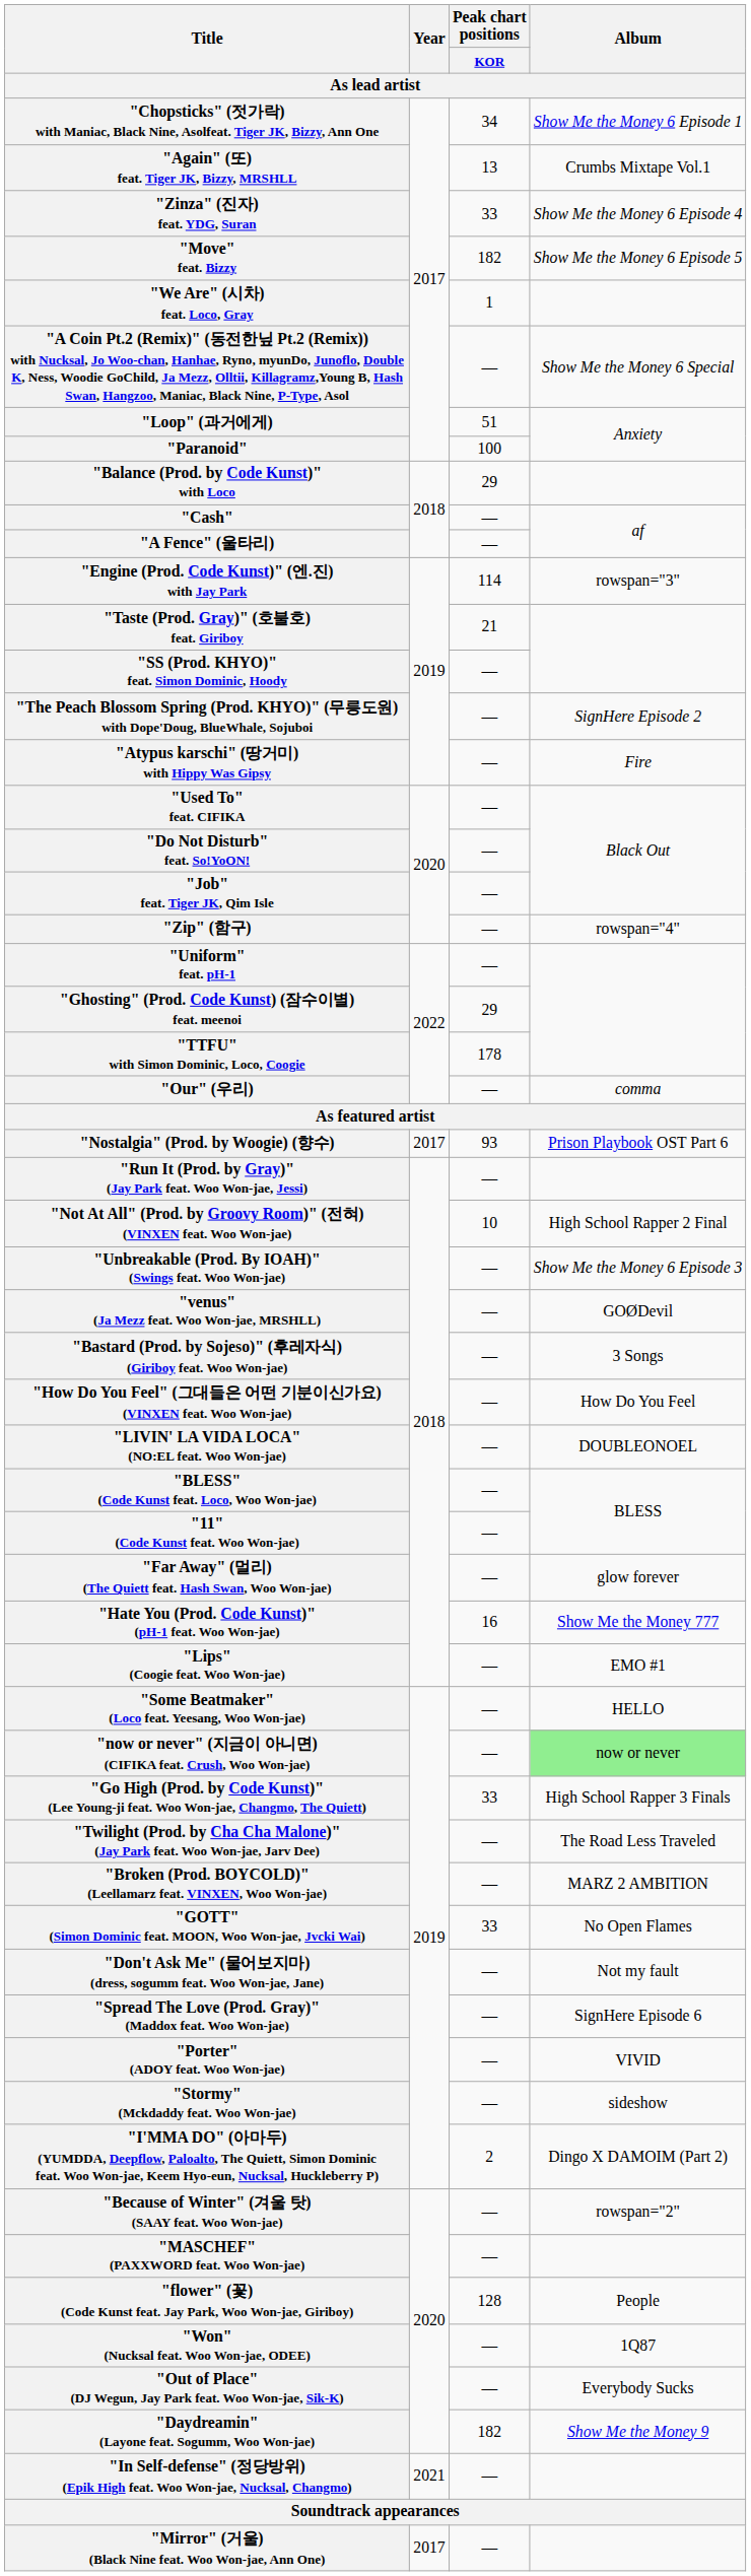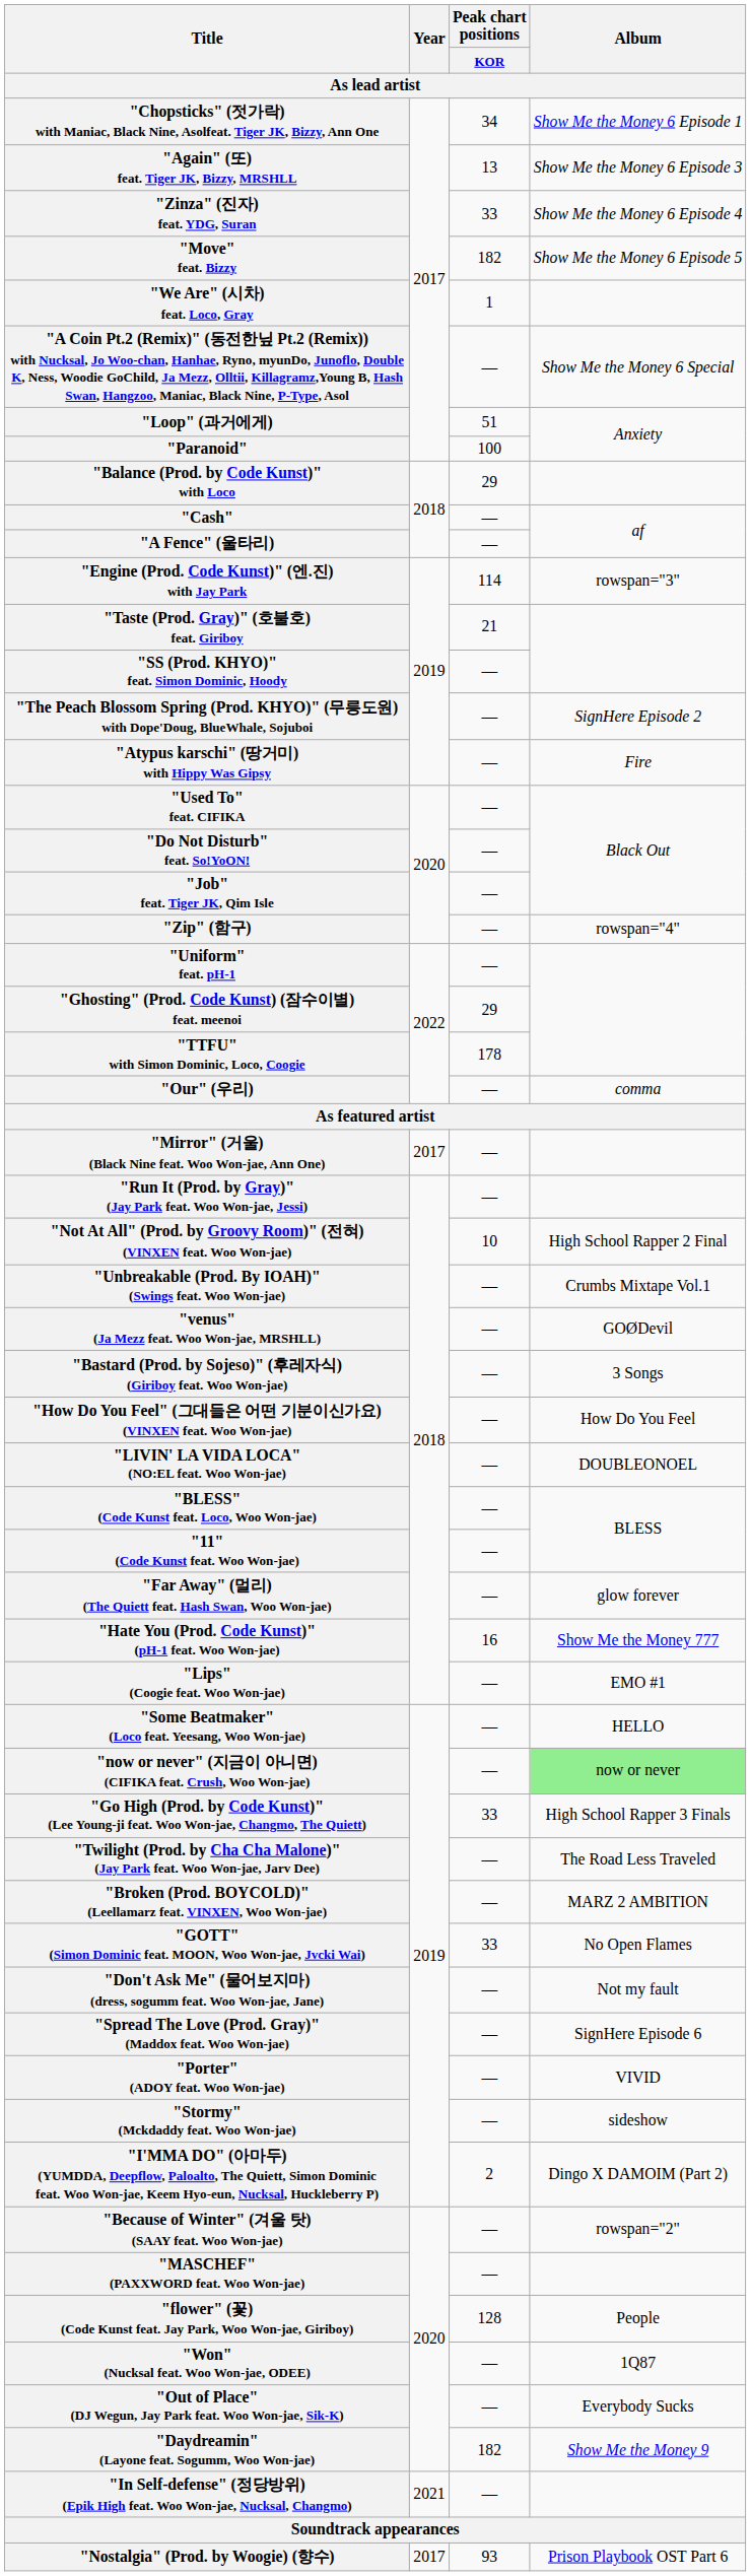 <table class="wikitable plainrowheaders" style="text-align:center;">
 <tr>
 <th scope="col" rowspan="2" style="width:25em;">Title</th>
 <th scope="col" rowspan="2">Year</th>
 <th scope="col" colspan="1">Peak chart <br> positions</th>
 <th scope="col" rowspan="2">Album</th>
 </tr>
 <tr>
 <th><a href='#'><small>KOR</small></a><br></th>
 </tr>
 <tr>
 <th colspan="4" scope="col">As lead artist</th>
 </tr>
 <tr>
 <th scope="row">"Chopsticks" (젓가락) <br><small>with Maniac, Black Nine, Asol</small><small>feat. <a href='#'>Tiger JK</a>, <a href='#'>Bizzy</a>, Ann One</small></th>
 <td rowspan="8">2017</td>
 <td>34</td>
 <td><em><a href='#'>Show Me the Money 6</a> Episode 1</em></td>
 </tr>
 <tr>
 <th scope="row">"Again" (또) <br><small>feat. <a href='#'>Tiger JK</a>, <a href='#'>Bizzy</a>, <a href='#'>MRSHLL</a></small></th>
 <td>13</td>
-<td>Crumbs Mixtape Vol.1</td>
+<td><em>Show Me the Money 6 Episode 3</em></td>
 </tr>
 <tr>
 <th scope="row">"Zinza" (진자) <br><small>feat. <a href='#'>YDG</a>, <a href='#'>Suran</a></small></th>
 <td>33</td>
 <td><em>Show Me the Money 6 Episode 4</em></td>
 </tr>
 <tr>
 <th scope="row">"Move" <br><small>feat. <a href='#'>Bizzy</a></small></th>
 <td>182</td>
 <td><em>Show Me the Money 6 Episode 5</em></td>
 </tr>
 <tr>
 <th scope="row">"We Are" (시차) <br><small>feat. <a href='#'>Loco</a>, <a href='#'>Gray</a></small></th>
 <td>1</td>
 <td></td>
 </tr>
 <tr>
 <th scope="row">"A Coin Pt.2 (Remix)" (동전한닢 Pt.2 (Remix))<br><small>with <a href='#'>Nucksal</a>, <a href='#'>Jo Woo-chan</a>, <a href='#'>Hanhae</a>, Ryno, myunDo, <a href='#'>Junoflo</a>, <a href='#'>Double K</a>, Ness, Woodie GoChild, <a href='#'>Ja Mezz</a>, <a href='#'>Olltii</a>, <a href='#'>Killagramz</a>,</small><small>Young B, <a href='#'>Hash Swan</a>, <a href='#'>Hangzoo</a>, Maniac, Black Nine, <a href='#'>P-Type</a>, Asol</small></th>
 <td>—</td>
 <td><em>Show Me the Money 6 Special</em></td>
 </tr>
 <tr>
 <th scope="row">"Loop" (과거에게)</th>
 <td>51</td>
 <td rowspan="2"><em>Anxiety</em></td>
 </tr>
 <tr>
 <th scope="row">"Paranoid"</th>
 <td>100</td>
 </tr>
 <tr>
 <th scope="row">"Balance (Prod. by <a href='#'>Code Kunst</a>)" <br><small>with <a href='#'>Loco</a></small></th>
 <td rowspan="3">2018</td>
 <td>29</td>
 <td></td>
 </tr>
 <tr>
 <th scope="row">"Cash"</th>
 <td>—</td>
 <td rowspan="2"><em>af</em></td>
 </tr>
 <tr>
 <th scope="row">"A Fence" (울타리)</th>
 <td>—</td>
 </tr>
 <tr>
 <th scope="row">"Engine (Prod. <a href='#'>Code Kunst</a>)" (엔.진)<br><small>with <a href='#'>Jay Park</a></small></th>
 <td rowspan="5">2019</td>
 <td>114</td>
 <td>rowspan="3" </td>
 </tr>
 <tr>
 <th scope="row">"Taste (Prod. <a href='#'>Gray</a>)" (호불호)<br><small>feat. <a href='#'>Giriboy</a></small></th>
 <td>21</td>
 </tr>
 <tr>
 <th scope="row">"SS (Prod. KHYO)"<br><small>feat. <a href='#'>Simon Dominic</a>, <a href='#'>Hoody</a></small></th>
 <td>—</td>
 </tr>
 <tr>
 <th scope="row">"The Peach Blossom Spring (Prod. KHYO)" (무릉도원)<br><small>with Dope'Doug, BlueWhale, Sojuboi</small></th>
 <td>—</td>
 <td><em>SignHere Episode 2</em></td>
 </tr>
 <tr>
 <th scope="row">"Atypus karschi" (땅거미)<br><small>with <a href='#'>Hippy Was Gipsy</a></small></th>
 <td>—</td>
 <td><em>Fire</em></td>
 </tr>
 <tr>
 <th scope="row">"Used To" <br><small>feat. CIFIKA</small></th>
 <td rowspan="4">2020</td>
 <td>—</td>
 <td rowspan="3"><em>Black Out</em></td>
 </tr>
 <tr>
 <th scope="row">"Do Not Disturb" <br><small>feat. <a href='#'>So!YoON!</a></small></th>
 <td>—</td>
 </tr>
 <tr>
 <th scope="row">"Job" <br><small>feat. <a href='#'>Tiger JK</a>, Qim Isle</small></th>
 <td>—</td>
 </tr>
 <tr>
 <th scope="row">"Zip" (함구)</th>
 <td>—</td>
 <td>rowspan="4" </td>
 </tr>
 <tr>
 <th scope="row">"Uniform" <br><small>feat. <a href='#'>pH-1</a></small></th>
 <td rowspan="4">2022</td>
 <td>—</td>
 </tr>
 <tr>
 <th scope="row">"Ghosting" (Prod. <a href='#'>Code Kunst</a>) (잠수이별)<br><small>feat. meenoi</small></th>
 <td>29</td>
 </tr>
 <tr>
 <th scope="row">"TTFU"<br><small>with Simon Dominic, Loco, <a href='#'>Coogie</a></small></th>
 <td>178</td>
 </tr>
 <tr>
 <th scope="row">"Our" (우리)</th>
 <td>—</td>
 <td><em>comma</em></td>
 </tr>
 <tr>
 <th colspan="4" scope="col">As featured artist</th>
 </tr>
 <tr>
-<th scope="row">"Nostalgia" (Prod. by Woogie) (향수)</th>
+<th scope="row">"Mirror" (거울)<br><small>(Black Nine feat. Woo Won-jae, Ann One)</small></th>
 <td>2017</td>
-<td>93</td>
-<td><a href='#'>Prison Playbook</a> OST Part 6</td>
+<td>—</td>
+<td></td>
 </tr>
 <tr>
 <th scope="row">"Run It (Prod. by <a href='#'>Gray</a>)" <br><small>(<a href='#'>Jay Park</a> feat. Woo Won-jae, <a href='#'>Jessi</a>)</small></th>
 <td rowspan="12">2018</td>
 <td>—</td>
 <td></td>
 </tr>
 <tr>
 <th scope="row">"Not At All" (Prod. by <a href='#'>Groovy Room</a>)" (전혀)<br><small>(<a href='#'>VINXEN</a> feat. Woo Won-jae)</small></th>
 <td>10</td>
 <td>High School Rapper 2 Final</td>
 </tr>
 <tr>
 <th scope="row">"Unbreakable (Prod. By IOAH)"<br><small>(<a href='#'>Swings</a> feat. Woo Won-jae)</small></th>
 <td>—</td>
-<td><em>Show Me the Money 6 Episode 3</em></td>
+<td>Crumbs Mixtape Vol.1</td>
 </tr>
 <tr>
 <th scope="row">"venus"<br><small>(<a href='#'>Ja Mezz</a> feat. Woo Won-jae, MRSHLL)</small></th>
 <td>—</td>
 <td>GOØDevil</td>
 </tr>
 <tr>
 <th scope="row">"Bastard (Prod. by Sojeso)" (후레자식)<br><small>(<a href='#'>Giriboy</a> feat. Woo Won-jae)</small></th>
 <td>—</td>
 <td>3 Songs</td>
 </tr>
 <tr>
 <th scope="row">"How Do You Feel" (그대들은 어떤 기분이신가요)<br><small>(<a href='#'>VINXEN</a> feat. Woo Won-jae)</small></th>
 <td>—</td>
 <td>How Do You Feel</td>
 </tr>
 <tr>
 <th scope="row">"LIVIN' LA VIDA LOCA"<br><small>(NO:EL feat. Woo Won-jae)</small></th>
 <td>—</td>
 <td>DOUBLEONOEL</td>
 </tr>
 <tr>
 <th scope="row">"BLESS"<br><small>(<a href='#'>Code Kunst</a> feat. <a href='#'>Loco</a>, Woo Won-jae)</small></th>
 <td>—</td>
 <td rowspan="2">BLESS</td>
 </tr>
 <tr>
 <th scope="row">"11"<br><small>(<a href='#'>Code Kunst</a> feat. Woo Won-jae)</small></th>
 <td>—</td>
 </tr>
 <tr>
 <th scope="row">"Far Away" (멀리)<br><small>(<a href='#'>The Quiett</a> feat. <a href='#'>Hash Swan</a>, Woo Won-jae)</small></th>
 <td>—</td>
 <td>glow forever</td>
 </tr>
 <tr>
 <th scope="row">"Hate You (Prod. <a href='#'>Code Kunst</a>)"<br><small>(<a href='#'>pH-1</a> feat. Woo Won-jae)</small></th>
 <td>16</td>
 <td><a href='#'>Show Me the Money 777</a></td>
 </tr>
 <tr>
 <th scope="row">"Lips"<br><small>(Coogie feat. Woo Won-jae)</small></th>
 <td>—</td>
 <td>EMO #1</td>
 </tr>
 <tr>
 <th scope="row">"Some Beatmaker" <br><small>(<a href='#'>Loco</a> feat. Yeesang, Woo Won-jae)</small></th>
 <td rowspan="11">2019</td>
 <td>—</td>
 <td>HELLO</td>
 </tr>
 <tr>
 <th scope="row">"now or never" (지금이 아니면)<br><small>(CIFIKA feat. <a href='#'>Crush</a>, Woo Won-jae)</small></th>
 <td>—</td>
 <td style="background: lightgreen;">now or never</td>
 </tr>
 <tr>
 <th scope="row">"Go High (Prod. by <a href='#'>Code Kunst</a>)"<br><small>(Lee Young-ji feat. Woo Won-jae, <a href='#'>Changmo</a>, <a href='#'>The Quiett</a>)</small></th>
 <td>33</td>
 <td>High School Rapper 3 Finals</td>
 </tr>
 <tr>
 <th scope="row">"Twilight (Prod. by <a href='#'>Cha Cha Malone</a>)"<br><small>(<a href='#'>Jay Park</a> feat. Woo Won-jae, Jarv Dee)</small></th>
 <td>—</td>
 <td>The Road Less Traveled</td>
 </tr>
 <tr>
 <th scope="row">"Broken (Prod. BOYCOLD)"<br><small>(Leellamarz feat. <a href='#'>VINXEN</a>, Woo Won-jae)</small></th>
 <td>—</td>
 <td>MARZ 2 AMBITION</td>
 </tr>
 <tr>
 <th scope="row">"GOTT"<br><small>(<a href='#'>Simon Dominic</a> feat. MOON, Woo Won-jae, <a href='#'>Jvcki Wai</a>)</small></th>
 <td>33</td>
 <td>No Open Flames</td>
 </tr>
 <tr>
 <th scope="row">"Don't Ask Me" (물어보지마)<br><small>(dress, sogumm feat. Woo Won-jae, Jane)</small></th>
 <td>—</td>
 <td>Not my fault</td>
 </tr>
 <tr>
 <th scope="row">"Spread The Love (Prod. Gray)"<br><small>(Maddox feat. Woo Won-jae)</small></th>
 <td>—</td>
 <td>SignHere Episode 6</td>
 </tr>
 <tr>
 <th scope="row">"Porter"<br><small>(ADOY feat. Woo Won-jae)</small></th>
 <td>—</td>
 <td>VIVID</td>
 </tr>
 <tr>
 <th scope="row">"Stormy"<br><small>(Mckdaddy feat. Woo Won-jae)</small></th>
 <td>—</td>
 <td>sideshow</td>
 </tr>
 <tr>
 <th scope="row">"I'MMA DO" (아마두)<br><small>(YUMDDA, <a href='#'>Deepflow</a>, <a href='#'>Paloalto</a>, The Quiett, Simon Dominic<br>feat. Woo Won-jae, Keem Hyo-eun, <a href='#'>Nucksal</a>, Huckleberry P)</small></th>
 <td>2</td>
 <td>Dingo X DAMOIM (Part 2)</td>
 </tr>
 <tr>
 <th scope="row">"Because of Winter" (겨울 탓)<br><small>(SAAY feat. Woo Won-jae)</small></th>
 <td rowspan="6">2020</td>
 <td>—</td>
 <td>rowspan="2" </td>
 </tr>
 <tr>
 <th scope="row">"MASCHEF"<br><small>(PAXXWORD feat. Woo Won-jae)</small></th>
 <td>—</td>
 </tr>
 <tr>
 <th scope="row">"flower" (꽃)<br><small>(Code Kunst feat. Jay Park, Woo Won-jae, Giriboy)</small></th>
 <td>128</td>
 <td>People</td>
 </tr>
 <tr>
 <th scope="row">"Won"<br><small>(Nucksal feat. Woo Won-jae, ODEE)</small></th>
 <td>—</td>
 <td>1Q87</td>
 </tr>
 <tr>
 <th scope="row">"Out of Place"<br><small>(DJ Wegun, Jay Park feat. Woo Won-jae, <a href='#'>Sik-K</a>)</small></th>
 <td>—</td>
 <td>Everybody Sucks</td>
 </tr>
 <tr>
 <th scope="row">"Daydreamin"<br><small>(Layone feat. Sogumm, Woo Won-jae)</small></th>
 <td>182</td>
 <td><em><a href='#'>Show Me the Money 9</a></em></td>
 </tr>
 <tr>
 <th scope="row">"In Self-defense" (정당방위)<br><small>(<a href='#'>Epik High</a> feat. Woo Won-jae, <a href='#'>Nucksal</a>, <a href='#'>Changmo</a>)</small></th>
 <td>2021</td>
 <td>—</td>
 <td></td>
 </tr>
 <tr>
 <th colspan="4" scope="col">Soundtrack appearances</th>
 </tr>
 <tr>
-<th scope="row">"Mirror" (거울)<br><small>(Black Nine feat. Woo Won-jae, Ann One)</small></th>
+<th scope="row">"Nostalgia" (Prod. by Woogie) (향수)</th>
 <td>2017</td>
-<td>—</td>
-<td></td>
+<td>93</td>
+<td><a href='#'>Prison Playbook</a> OST Part 6</td>
 </tr>
 </table>
